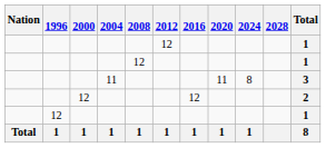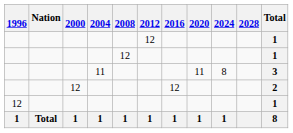 <table class="wikitable" style="text-align:center;">
 <tr>
+<th><br><a href='#'>1996</a></th>
 <th>Nation</th>
-<th><br><a href='#'>1996</a></th>
 <th><br><a href='#'>2000</a></th>
 <th><br><a href='#'>2004</a></th>
 <th><br><a href='#'>2008</a></th>
 <th><br><a href='#'>2012</a></th>
 <th><br><a href='#'>2016</a></th>
 <th><br><a href='#'>2020</a></th>
 <th><br><a href='#'>2024</a></th>
 <th><br><a href='#'>2028</a></th>
 <th>Total</th>
 </tr>
 <tr>
+<td></td>
 <td align=left></td>
-<td></td>
 <td></td>
 <td></td>
 <td></td>
 <td>12</td>
 <td></td>
 <td></td>
 <td></td>
 <td></td>
 <th>1</th>
 </tr>
 <tr>
+<td></td>
 <td align=left></td>
-<td></td>
 <td></td>
 <td></td>
 <td>12</td>
 <td></td>
 <td></td>
 <td></td>
 <td></td>
 <td></td>
 <th>1</th>
 </tr>
 <tr>
+<td></td>
 <td align=left></td>
-<td></td>
 <td></td>
 <td>11</td>
 <td></td>
 <td></td>
 <td></td>
 <td>11</td>
 <td>8</td>
 <td></td>
 <th>3</th>
 </tr>
 <tr>
+<td></td>
 <td align=left></td>
-<td></td>
 <td>12</td>
 <td></td>
 <td></td>
 <td></td>
 <td>12</td>
 <td></td>
 <td></td>
 <td></td>
 <th>2</th>
 </tr>
 <tr>
+<td>12</td>
 <td align=left></td>
-<td>12</td>
 <td></td>
 <td></td>
 <td></td>
 <td></td>
 <td></td>
 <td></td>
 <td></td>
 <td></td>
 <th>1</th>
 </tr>
 <tr>
+<th>1</th>
 <th align=left>Total</th>
-<th>1</th>
 <th>1</th>
 <th>1</th>
 <th>1</th>
 <th>1</th>
 <th>1</th>
 <th>1</th>
 <th>1</th>
 <th></th>
 <th>8</th>
 </tr>
 </table>
